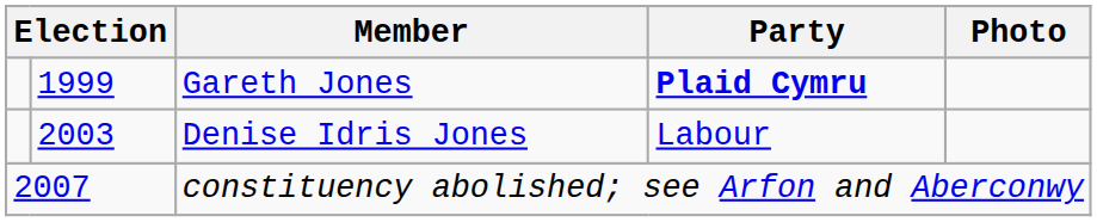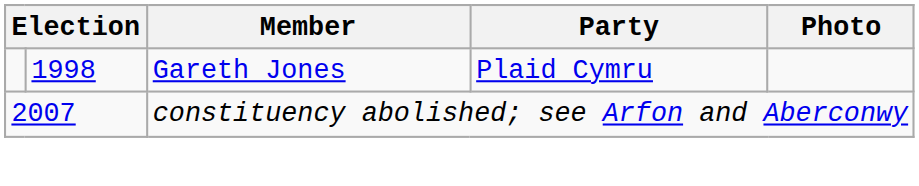 <table class="wikitable">
 <tr>
 <th colspan="2">Election</th>
 <th>Member</th>
 <th>Party</th>
 <th>Photo</th>
 </tr>
 <tr>
 <td style="background-color: "></td>
-<td><a href='#'>1999</a></td>
+<td><a href='#'>1998</a></td>
 <td><a href='#'>Gareth Jones</a></td>
-<td><strong><a href='#'>Plaid Cymru</a></strong></td>
-<td></td>
-</tr>
-<tr>
-<td style="background-color: "></td>
-<td><a href='#'>2003</a></td>
-<td><a href='#'>Denise Idris Jones</a></td>
-<td><a href='#'>Labour</a></td>
+<td><a href='#'>Plaid Cymru</a></td>
 <td></td>
 </tr>
 <tr>
 <td colspan="2"><a href='#'>2007</a></td>
 <td colspan="3"><em>constituency abolished; see <a href='#'>Arfon</a> and <a href='#'>Aberconwy</a></em></td>
 </tr>
 </table>
